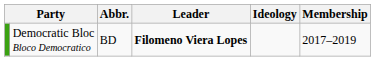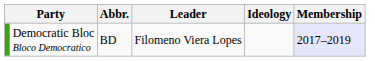 <table class="wikitable">
 <tr>
 <th colspan="2">Party</th>
 <th>Abbr.</th>
 <th>Leader</th>
 <th>Ideology</th>
 <th>Membership</th>
 </tr>
 <tr>
 <td bgcolor="#3ba212"></td>
 <td>Democratic Bloc<br><small><em>Bloco Democratico</em></small></td>
 <td>BD</td>
-<td><strong>Filomeno Viera Lopes</strong></td>
+<td>Filomeno Viera Lopes</td>
 <td></td>
-<td>2017–2019</td>
+<td style="background: lavender;">2017–2019</td>
 </tr>
 </table>
